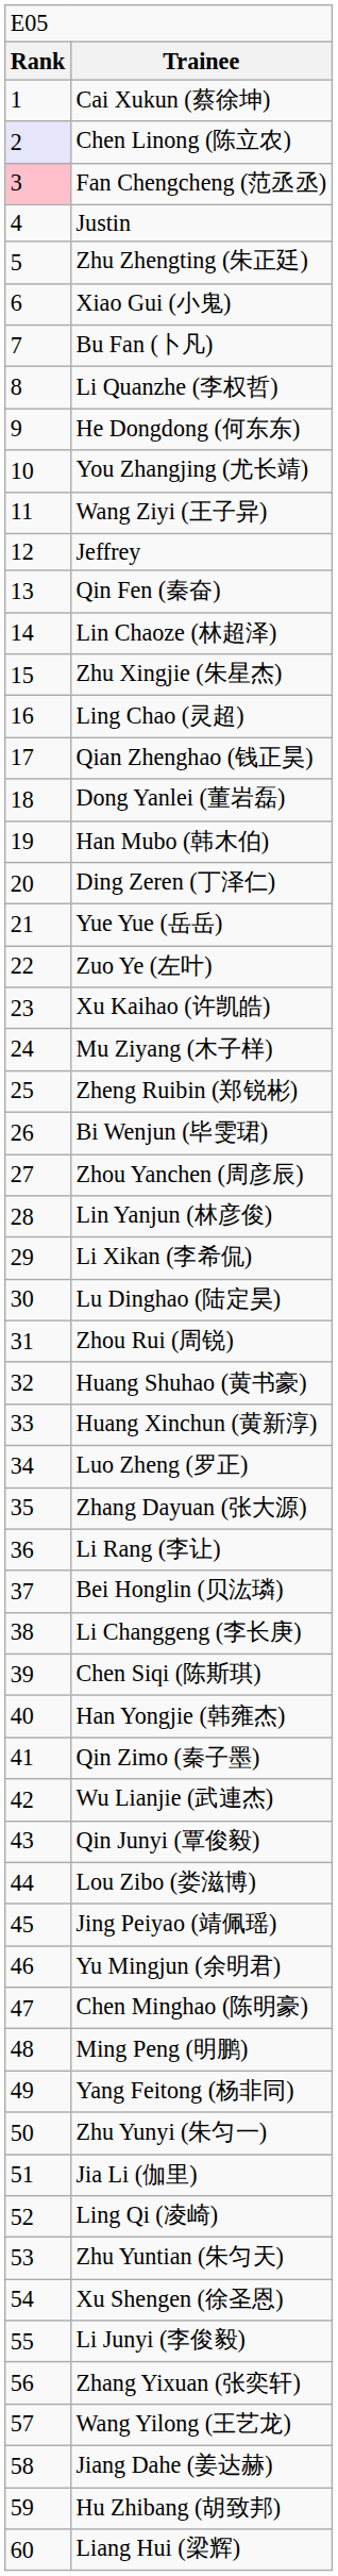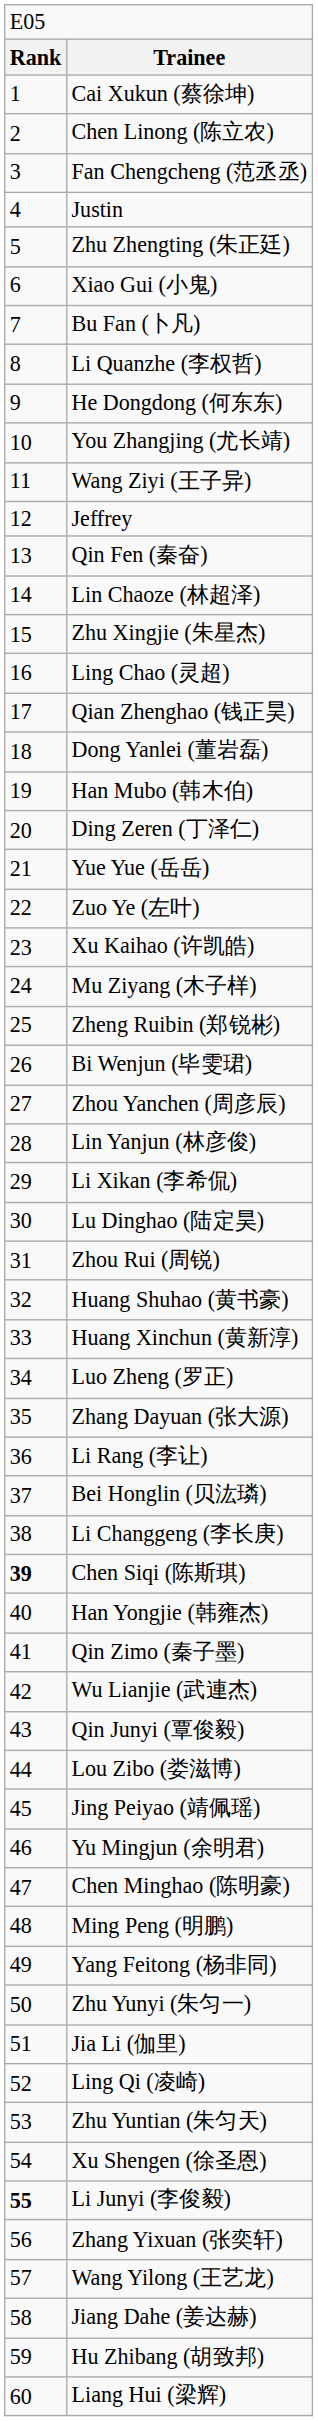 <table class="wikitable sortable mw-collapsible">
 <tr>
 <td colspan="2">E05</td>
 </tr>
 <tr>
 <th>Rank</th>
 <th>Trainee</th>
 </tr>
 <tr>
 <td>1</td>
 <td>Cai Xukun (蔡徐坤)</td>
 </tr>
 <tr>
-<td style="background: lavender;">2</td>
+<td>2</td>
 <td>Chen Linong (陈立农)</td>
 </tr>
 <tr>
-<td style="background: pink;">3</td>
+<td>3</td>
 <td>Fan Chengcheng (范丞丞)</td>
 </tr>
 <tr>
 <td>4</td>
 <td>Justin</td>
 </tr>
 <tr>
 <td>5</td>
 <td>Zhu Zhengting (朱正廷)</td>
 </tr>
 <tr>
 <td>6</td>
 <td>Xiao Gui (小鬼)</td>
 </tr>
 <tr>
 <td>7</td>
 <td>Bu Fan (卜凡)</td>
 </tr>
 <tr>
 <td>8</td>
 <td>Li Quanzhe (李权哲)</td>
 </tr>
 <tr>
 <td>9</td>
 <td>He Dongdong (何东东)</td>
 </tr>
 <tr>
 <td>10</td>
 <td>You Zhangjing (尤长靖)</td>
 </tr>
 <tr>
 <td>11</td>
 <td>Wang Ziyi (王子异)</td>
 </tr>
 <tr>
 <td>12</td>
 <td>Jeffrey</td>
 </tr>
 <tr>
 <td>13</td>
 <td>Qin Fen (秦奋)</td>
 </tr>
 <tr>
 <td>14</td>
 <td>Lin Chaoze (林超泽)</td>
 </tr>
 <tr>
 <td>15</td>
 <td>Zhu Xingjie (朱星杰)</td>
 </tr>
 <tr>
 <td>16</td>
 <td>Ling Chao (灵超)</td>
 </tr>
 <tr>
 <td>17</td>
 <td>Qian Zhenghao (钱正昊)</td>
 </tr>
 <tr>
 <td>18</td>
 <td>Dong Yanlei (董岩磊)</td>
 </tr>
 <tr>
 <td>19</td>
 <td>Han Mubo (韩木伯)</td>
 </tr>
 <tr>
 <td>20</td>
 <td>Ding Zeren (丁泽仁)</td>
 </tr>
 <tr>
 <td>21</td>
 <td>Yue Yue (岳岳)</td>
 </tr>
 <tr>
 <td>22</td>
 <td>Zuo Ye (左叶)</td>
 </tr>
 <tr>
 <td>23</td>
 <td>Xu Kaihao (许凯皓)</td>
 </tr>
 <tr>
 <td>24</td>
 <td>Mu Ziyang (木子样)</td>
 </tr>
 <tr>
 <td>25</td>
 <td>Zheng Ruibin (郑锐彬)</td>
 </tr>
 <tr>
 <td>26</td>
 <td>Bi Wenjun (毕雯珺)</td>
 </tr>
 <tr>
 <td>27</td>
 <td>Zhou Yanchen (周彦辰)</td>
 </tr>
 <tr>
 <td>28</td>
 <td>Lin Yanjun (林彦俊)</td>
 </tr>
 <tr>
 <td>29</td>
 <td>Li Xikan (李希侃)</td>
 </tr>
 <tr>
 <td>30</td>
 <td>Lu Dinghao (陆定昊)</td>
 </tr>
 <tr>
 <td>31</td>
 <td>Zhou Rui (周锐)</td>
 </tr>
 <tr>
 <td>32</td>
 <td>Huang Shuhao (黄书豪)</td>
 </tr>
 <tr>
 <td>33</td>
 <td>Huang Xinchun (黄新淳)</td>
 </tr>
 <tr>
 <td>34</td>
 <td>Luo Zheng (罗正)</td>
 </tr>
 <tr>
 <td>35</td>
 <td>Zhang Dayuan (张大源)</td>
 </tr>
 <tr>
 <td>36</td>
 <td>Li Rang (李让)</td>
 </tr>
 <tr>
 <td>37</td>
 <td>Bei Honglin (贝汯璘)</td>
 </tr>
 <tr>
 <td>38</td>
 <td>Li Changgeng (李长庚)</td>
 </tr>
 <tr>
-<td>39</td>
+<td><strong>39</strong></td>
 <td>Chen Siqi (陈斯琪)</td>
 </tr>
 <tr>
 <td>40</td>
 <td>Han Yongjie (韩雍杰)</td>
 </tr>
 <tr>
 <td>41</td>
 <td>Qin Zimo (秦子墨)</td>
 </tr>
 <tr>
 <td>42</td>
 <td>Wu Lianjie (武連杰)</td>
 </tr>
 <tr>
 <td>43</td>
 <td>Qin Junyi (覃俊毅)</td>
 </tr>
 <tr>
 <td>44</td>
 <td>Lou Zibo (娄滋博)</td>
 </tr>
 <tr>
 <td>45</td>
 <td>Jing Peiyao (靖佩瑶)</td>
 </tr>
 <tr>
 <td>46</td>
 <td>Yu Mingjun (余明君)</td>
 </tr>
 <tr>
 <td>47</td>
 <td>Chen Minghao (陈明豪)</td>
 </tr>
 <tr>
 <td>48</td>
 <td>Ming Peng (明鹏)</td>
 </tr>
 <tr>
 <td>49</td>
 <td>Yang Feitong (杨非同)</td>
 </tr>
 <tr>
 <td>50</td>
 <td>Zhu Yunyi (朱匀一)</td>
 </tr>
 <tr>
 <td>51</td>
 <td>Jia Li (伽里)</td>
 </tr>
 <tr>
 <td>52</td>
 <td>Ling Qi (凌崎)</td>
 </tr>
 <tr>
 <td>53</td>
 <td>Zhu Yuntian (朱匀天)</td>
 </tr>
 <tr>
 <td>54</td>
 <td>Xu Shengen (徐圣恩)</td>
 </tr>
 <tr>
-<td>55</td>
+<td><strong>55</strong></td>
 <td>Li Junyi (李俊毅)</td>
 </tr>
 <tr>
 <td>56</td>
 <td>Zhang Yixuan (张奕轩)</td>
 </tr>
 <tr>
 <td>57</td>
 <td>Wang Yilong (王艺龙)</td>
 </tr>
 <tr>
 <td>58</td>
 <td>Jiang Dahe (姜达赫)</td>
 </tr>
 <tr>
 <td>59</td>
 <td>Hu Zhibang (胡致邦)</td>
 </tr>
 <tr>
 <td>60</td>
 <td>Liang Hui (梁辉)</td>
 </tr>
 </table>
